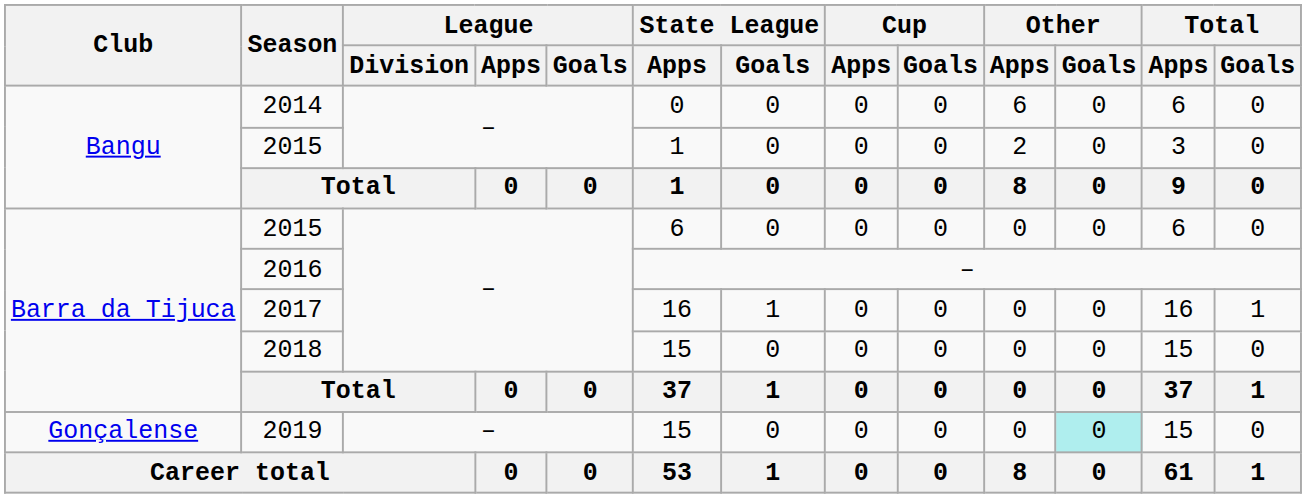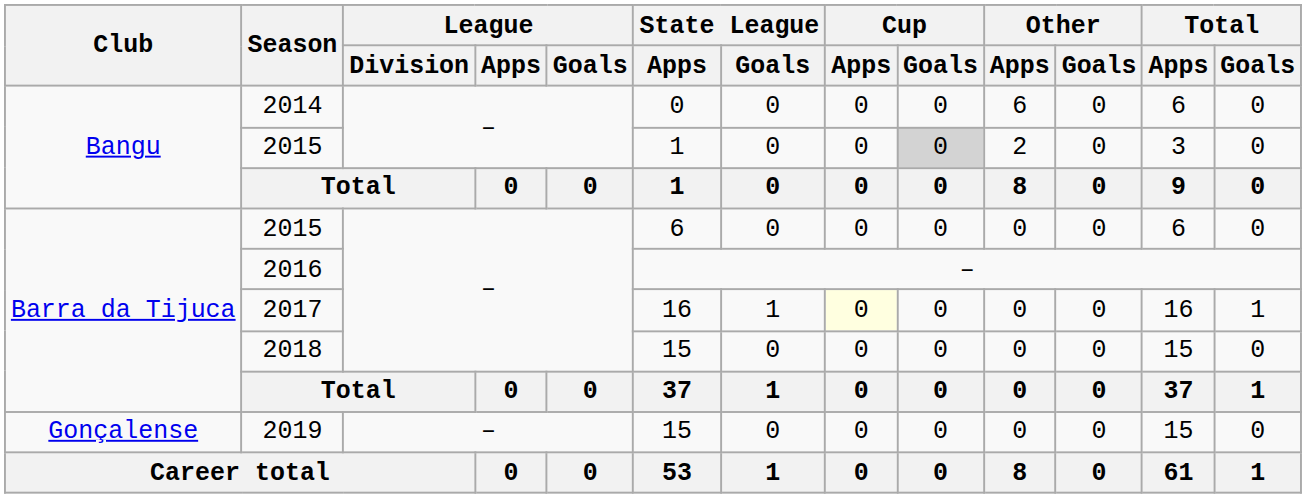 <table class="wikitable" style="text-align: center">
 <tr>
 <th rowspan="2">Club</th>
 <th rowspan="2">Season</th>
 <th colspan="3">League</th>
 <th colspan="2">State League</th>
 <th colspan="2">Cup</th>
 <th colspan="2">Other</th>
 <th colspan="2">Total</th>
 </tr>
 <tr>
 <th>Division</th>
 <th>Apps</th>
 <th>Goals</th>
 <th>Apps</th>
 <th>Goals</th>
 <th>Apps</th>
 <th>Goals</th>
 <th>Apps</th>
 <th>Goals</th>
 <th>Apps</th>
 <th>Goals</th>
 </tr>
 <tr>
 <td rowspan="3"><a href='#'>Bangu</a></td>
 <td>2014</td>
 <td colspan="3" rowspan="2">–</td>
 <td>0</td>
 <td>0</td>
 <td>0</td>
 <td>0</td>
 <td>6</td>
 <td>0</td>
 <td>6</td>
 <td>0</td>
 </tr>
 <tr>
 <td>2015</td>
 <td>1</td>
 <td>0</td>
 <td>0</td>
-<td>0</td>
+<td style="background: lightgrey;">0</td>
 <td>2</td>
 <td>0</td>
 <td>3</td>
 <td>0</td>
 </tr>
 <tr>
 <th colspan="2"><strong>Total</strong></th>
 <th>0</th>
 <th>0</th>
 <th>1</th>
 <th>0</th>
 <th>0</th>
 <th>0</th>
 <th>8</th>
 <th>0</th>
 <th>9</th>
 <th>0</th>
 </tr>
 <tr>
 <td rowspan="5"><a href='#'>Barra da Tijuca</a></td>
 <td>2015</td>
 <td colspan="3" rowspan="4">–</td>
 <td>6</td>
 <td>0</td>
 <td>0</td>
 <td>0</td>
 <td>0</td>
 <td>0</td>
 <td>6</td>
 <td>0</td>
 </tr>
 <tr>
 <td>2016</td>
 <td colspan="8">–</td>
 </tr>
 <tr>
 <td>2017</td>
 <td>16</td>
 <td>1</td>
-<td>0</td>
+<td style="background: lightyellow;">0</td>
 <td>0</td>
 <td>0</td>
 <td>0</td>
 <td>16</td>
 <td>1</td>
 </tr>
 <tr>
 <td>2018</td>
 <td>15</td>
 <td>0</td>
 <td>0</td>
 <td>0</td>
 <td>0</td>
 <td>0</td>
 <td>15</td>
 <td>0</td>
 </tr>
 <tr>
 <th colspan="2"><strong>Total</strong></th>
 <th>0</th>
 <th>0</th>
 <th>37</th>
 <th>1</th>
 <th>0</th>
 <th>0</th>
 <th>0</th>
 <th>0</th>
 <th>37</th>
 <th>1</th>
 </tr>
 <tr>
 <td><a href='#'>Gonçalense</a></td>
 <td>2019</td>
 <td colspan="3">–</td>
 <td>15</td>
 <td>0</td>
 <td>0</td>
 <td>0</td>
 <td>0</td>
-<td style="background: paleturquoise;">0</td>
+<td>0</td>
 <td>15</td>
 <td>0</td>
 </tr>
 <tr>
 <th colspan="3"><strong>Career total</strong></th>
 <th>0</th>
 <th>0</th>
 <th>53</th>
 <th>1</th>
 <th>0</th>
 <th>0</th>
 <th>8</th>
 <th>0</th>
 <th>61</th>
 <th>1</th>
 </tr>
 </table>
